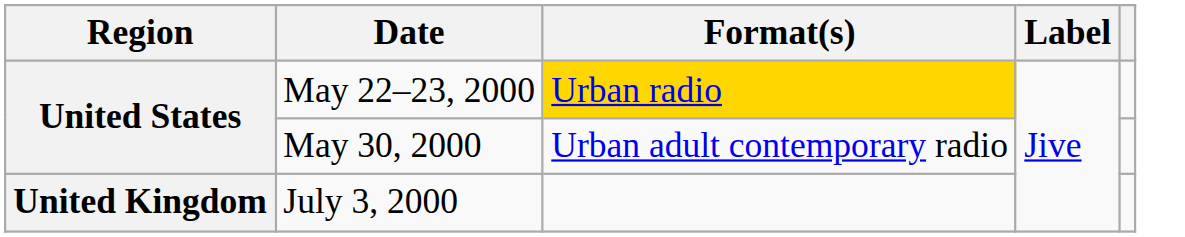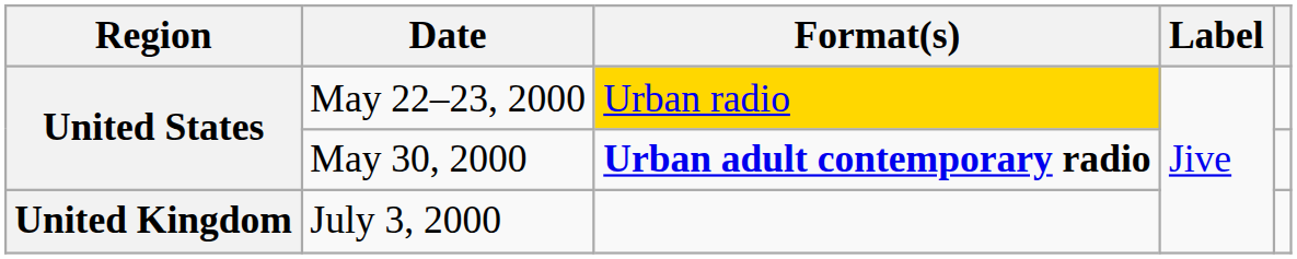 <table class="wikitable plainrowheaders">
 <tr>
 <th>Region</th>
 <th>Date</th>
 <th>Format(s)</th>
 <th>Label</th>
 <th></th>
 </tr>
 <tr>
 <th scope="row" rowspan="2">United States</th>
 <td>May 22–23, 2000</td>
 <td style="background: gold;"><a href='#'>Urban radio</a></td>
 <td rowspan="3"><a href='#'>Jive</a></td>
 <td></td>
 </tr>
 <tr>
 <td>May 30, 2000</td>
-<td><a href='#'>Urban adult contemporary</a> radio</td>
+<td><strong><a href='#'>Urban adult contemporary</a> radio</strong></td>
 <td></td>
 </tr>
 <tr>
 <th scope="row">United Kingdom</th>
 <td>July 3, 2000</td>
 <td></td>
 <td></td>
 </tr>
 </table>
